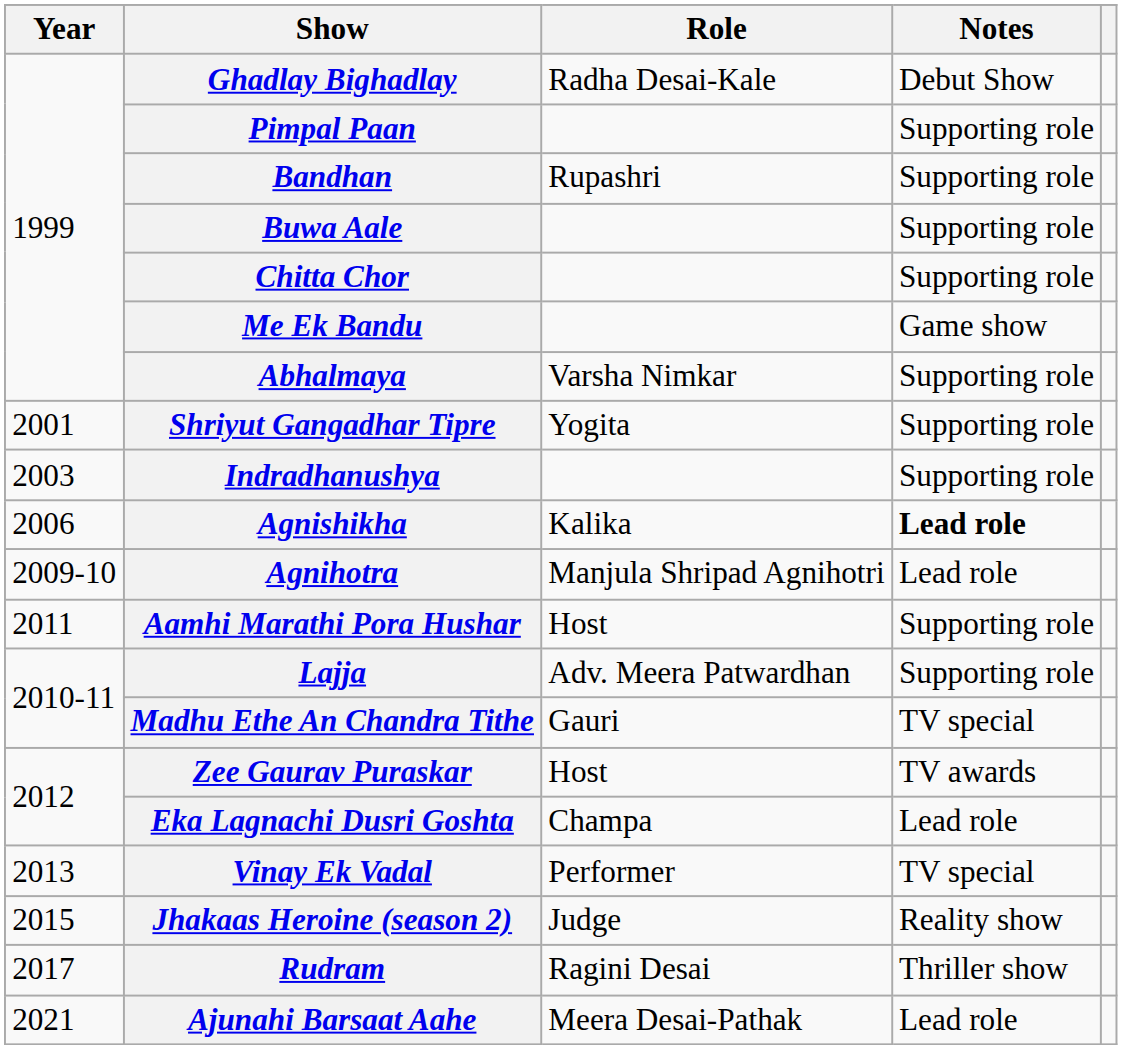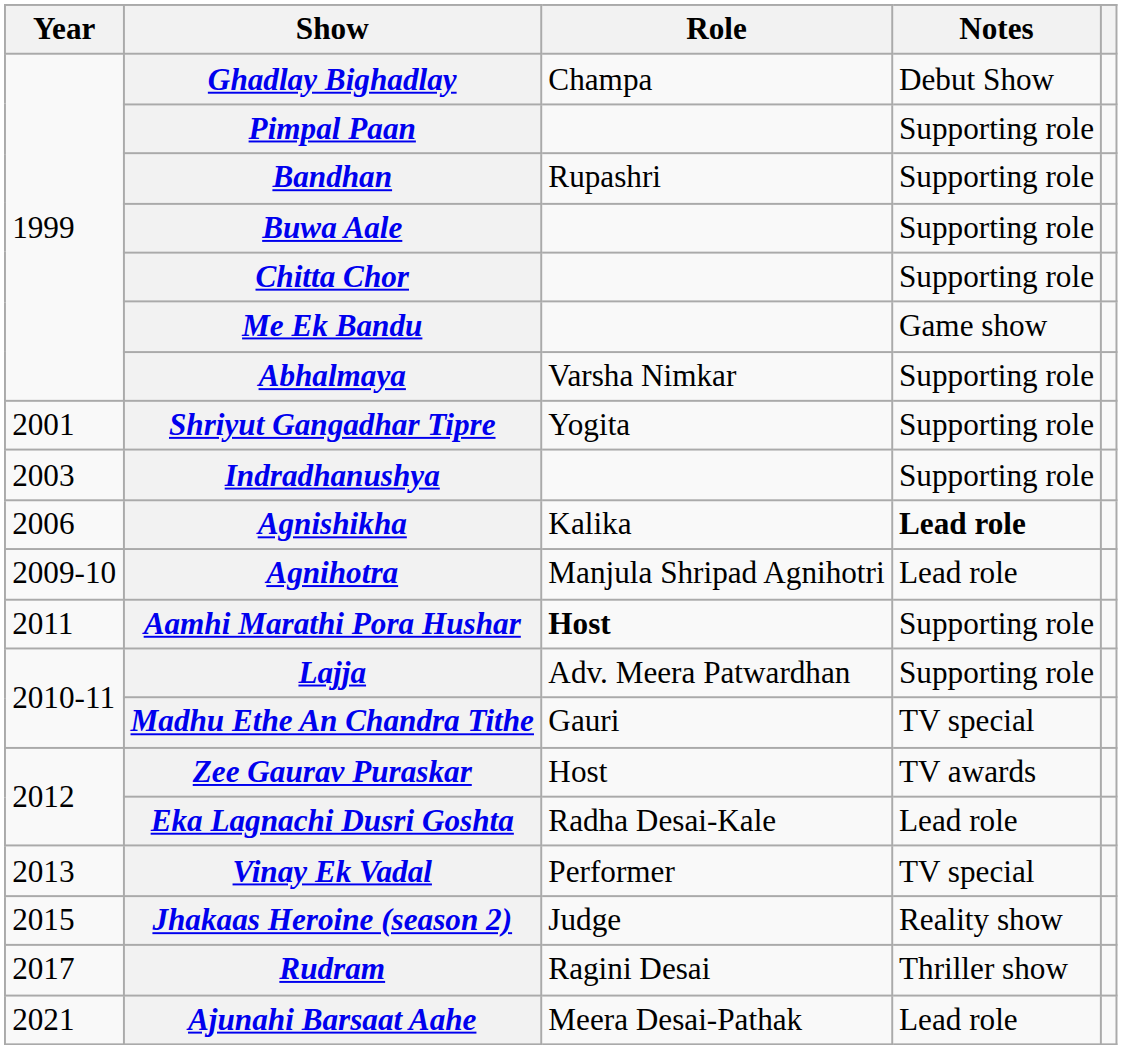 <table class="wikitable sortable plainrowheaders">
 <tr style="text-align:center;">
 <th scope="col">Year</th>
 <th scope="col">Show</th>
 <th scope="col">Role</th>
 <th scope="col" class="unsortable">Notes</th>
 <th scope="col" class="unsortable"></th>
 </tr>
 <tr>
 <td rowspan="7">1999</td>
 <th scope="row"><em><a href='#'>Ghadlay Bighadlay</a></em></th>
-<td>Radha Desai-Kale</td>
+<td>Champa</td>
 <td>Debut Show</td>
 <td style="text-align:center;"></td>
 </tr>
 <tr>
 <th scope="row"><em><a href='#'>Pimpal Paan</a></em></th>
 <td></td>
 <td>Supporting role</td>
 <td style="text-align:center;"></td>
 </tr>
 <tr>
 <th scope="row"><em><a href='#'>Bandhan</a></em></th>
 <td>Rupashri</td>
 <td>Supporting role</td>
 <td style="text-align:center;"></td>
 </tr>
 <tr>
 <th scope="row"><em><a href='#'>Buwa Aale</a></em></th>
 <td></td>
 <td>Supporting role</td>
 <td style="text-align:center;"></td>
 </tr>
 <tr>
 <th scope="row"><em><a href='#'>Chitta Chor</a></em></th>
 <td></td>
 <td>Supporting role</td>
 <td style="text-align:center;"></td>
 </tr>
 <tr>
 <th scope="row"><em><a href='#'>Me Ek Bandu</a></em></th>
 <td></td>
 <td>Game show</td>
 <td style="text-align:center;"></td>
 </tr>
 <tr>
 <th scope="row"><em><a href='#'>Abhalmaya</a></em></th>
 <td>Varsha Nimkar</td>
 <td>Supporting role</td>
 <td style="text-align:center;"></td>
 </tr>
 <tr>
 <td>2001</td>
 <th scope="row"><em><a href='#'>Shriyut Gangadhar Tipre</a></em></th>
 <td>Yogita</td>
 <td>Supporting role</td>
 <td style="text-align:center;"></td>
 </tr>
 <tr>
 <td>2003</td>
 <th scope="row"><em><a href='#'>Indradhanushya</a></em></th>
 <td></td>
 <td>Supporting role</td>
 <td style="text-align:center;"></td>
 </tr>
 <tr>
 <td>2006</td>
 <th scope="row"><em><a href='#'>Agnishikha</a></em></th>
 <td>Kalika</td>
 <td><strong>Lead role</strong></td>
 <td style="text-align:center;"></td>
 </tr>
 <tr>
 <td>2009-10</td>
 <th scope="row"><em><a href='#'>Agnihotra</a></em></th>
 <td>Manjula Shripad Agnihotri</td>
 <td>Lead role</td>
 <td style="text-align:center;"></td>
 </tr>
 <tr>
 <td>2011</td>
 <th scope="row"><em><a href='#'>Aamhi Marathi Pora Hushar</a></em></th>
-<td>Host</td>
+<td><strong>Host</strong></td>
 <td>Supporting role</td>
 <td style="text-align:center;"></td>
 </tr>
 <tr>
 <td rowspan="2">2010-11</td>
 <th scope="row"><em><a href='#'>Lajja</a></em></th>
 <td>Adv. Meera Patwardhan</td>
 <td>Supporting role</td>
 <td style="text-align:center;"></td>
 </tr>
 <tr>
 <th scope="row"><em><a href='#'>Madhu Ethe An Chandra Tithe</a></em></th>
 <td>Gauri</td>
 <td>TV special</td>
 <td style="text-align:center;"></td>
 </tr>
 <tr>
 <td rowspan="2">2012</td>
 <th scope="row"><em><a href='#'>Zee Gaurav Puraskar</a></em></th>
 <td>Host</td>
 <td>TV awards</td>
 <td style="text-align:center;"></td>
 </tr>
 <tr>
 <th scope="row"><em><a href='#'>Eka Lagnachi Dusri Goshta</a></em></th>
-<td>Champa</td>
+<td>Radha Desai-Kale</td>
 <td>Lead role</td>
 <td style="text-align:center;"></td>
 </tr>
 <tr>
 <td>2013</td>
 <th scope="row"><em><a href='#'>Vinay Ek Vadal</a></em></th>
 <td>Performer</td>
 <td>TV special</td>
 <td style="text-align:center;"></td>
 </tr>
 <tr>
 <td>2015</td>
 <th scope="row"><em><a href='#'>Jhakaas Heroine (season 2)</a></em></th>
 <td>Judge</td>
 <td>Reality show</td>
 <td style="text-align:center;"></td>
 </tr>
 <tr>
 <td>2017</td>
 <th scope="row"><em><a href='#'>Rudram</a></em></th>
 <td>Ragini Desai</td>
 <td>Thriller show</td>
 <td style="text-align:center;"></td>
 </tr>
 <tr>
 <td>2021</td>
 <th scope="row"><em><a href='#'>Ajunahi Barsaat Aahe</a></em></th>
 <td>Meera Desai-Pathak</td>
 <td>Lead role</td>
 <td style="text-align:center;"></td>
 </tr>
 </table>
